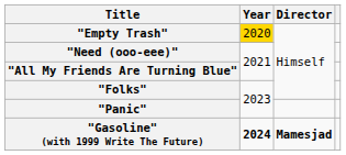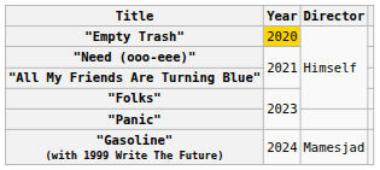 <table class="wikitable plainrowheaders" style="text-align:center">
 <tr>
 <th scope="col">Title</th>
 <th scope="col">Year</th>
 <th scope="col">Director</th>
 <th scope="col"></th>
 </tr>
 <tr>
 <th scope="row">"Empty Trash"</th>
 <td style="background: gold;">2020</td>
 <td rowspan="4" style="text-align:left">Himself</td>
 <td></td>
 </tr>
 <tr>
 <th scope="row">"Need (ooo-eee)"</th>
 <td rowspan="2">2021</td>
 <td></td>
 </tr>
 <tr>
 <th scope="row">"All My Friends Are Turning Blue"</th>
 <td></td>
 </tr>
 <tr>
 <th scope="row">"Folks"</th>
 <td rowspan="2">2023</td>
 <td></td>
 </tr>
 <tr>
 <th scope="row">"Panic"</th>
 <td></td>
 <td></td>
 </tr>
 <tr>
 <th scope="row">"Gasoline"<br><small>(with 1999 Write The Future)</small></th>
-<td><strong>2024</strong></td>
-<td><strong>Mamesjad</strong></td>
+<td>2024</td>
+<td>Mamesjad</td>
 <td></td>
 </tr>
 </table>
